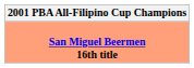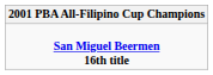 <table class=wikitable style="text-align:center; margin:auto">
 <tr>
 <th>2001 PBA All-Filipino Cup Champions</th>
 </tr>
 <tr>
-<td style="background: lightsalmon;"><br> <strong><a href='#'>San Miguel Beermen</a></strong> <br> <strong>16th title</strong></td>
+<td><br> <strong><a href='#'>San Miguel Beermen</a></strong> <br> <strong>16th title</strong></td>
 </tr>
 </table>
